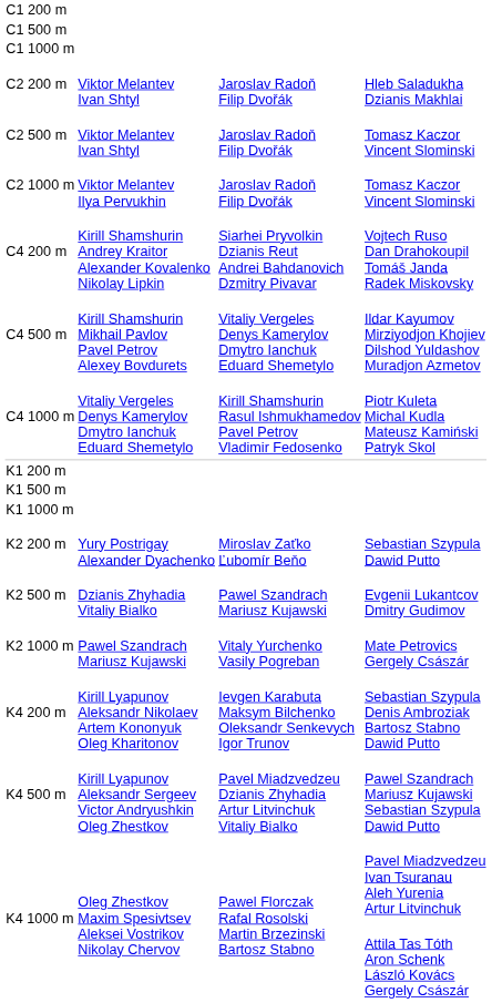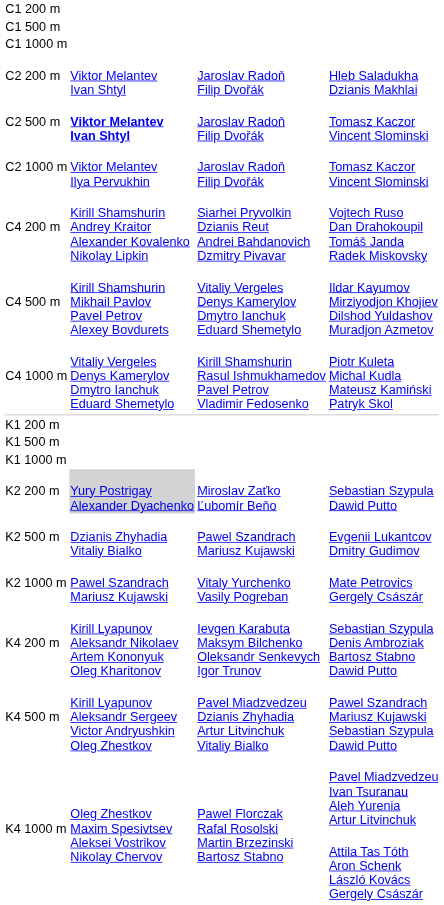 <table>
 <tr>
 <td>C1 200 m<br></td>
 <td></td>
 <td></td>
 <td></td>
 </tr>
 <tr>
 <td>C1 500 m<br></td>
 <td></td>
 <td></td>
 <td></td>
 </tr>
 <tr>
 <td>C1 1000 m<br></td>
 <td></td>
 <td></td>
 <td></td>
 </tr>
 <tr>
 <td>C2 200 m<br></td>
 <td><br><a href='#'>Viktor Melantev</a><br><a href='#'>Ivan Shtyl</a></td>
 <td><br><a href='#'>Jaroslav Radoň</a><br><a href='#'>Filip Dvořák</a></td>
 <td><br><a href='#'>Hleb Saladukha</a><br><a href='#'>Dzianis Makhlai</a></td>
 </tr>
 <tr>
 <td>C2 500 m<br></td>
-<td><br><a href='#'>Viktor Melantev</a><br><a href='#'>Ivan Shtyl</a></td>
+<td><strong><br><a href='#'>Viktor Melantev</a><br><a href='#'>Ivan Shtyl</a></strong></td>
 <td><br><a href='#'>Jaroslav Radoň</a><br><a href='#'>Filip Dvořák</a></td>
 <td><br><a href='#'>Tomasz Kaczor</a><br><a href='#'>Vincent Slominski</a></td>
 </tr>
 <tr>
 <td>C2 1000 m<br></td>
 <td><br><a href='#'>Viktor Melantev</a><br><a href='#'>Ilya Pervukhin</a></td>
 <td><br><a href='#'>Jaroslav Radoň</a><br><a href='#'>Filip Dvořák</a></td>
 <td><br><a href='#'>Tomasz Kaczor</a><br><a href='#'>Vincent Slominski</a></td>
 </tr>
 <tr>
 <td>C4 200 m<br></td>
 <td><br><a href='#'>Kirill Shamshurin</a><br><a href='#'>Andrey Kraitor</a><br><a href='#'>Alexander Kovalenko</a><br><a href='#'>Nikolay Lipkin</a></td>
 <td><br><a href='#'>Siarhei Pryvolkin</a><br><a href='#'>Dzianis Reut</a><br><a href='#'>Andrei Bahdanovich</a><br><a href='#'>Dzmitry Pivavar</a></td>
 <td><br><a href='#'>Vojtech Ruso</a><br><a href='#'>Dan Drahokoupil</a><br><a href='#'>Tomáš Janda</a><br><a href='#'>Radek Miskovsky</a></td>
 </tr>
 <tr>
 <td>C4 500 m<br></td>
 <td><br><a href='#'>Kirill Shamshurin</a><br><a href='#'>Mikhail Pavlov</a><br><a href='#'>Pavel Petrov</a><br><a href='#'>Alexey Bovdurets</a></td>
 <td><br><a href='#'>Vitaliy Vergeles</a><br><a href='#'>Denys Kamerylov</a><br><a href='#'>Dmytro Ianchuk</a><br><a href='#'>Eduard Shemetylo</a></td>
 <td><br><a href='#'>Ildar Kayumov</a><br><a href='#'>Mirziyodjon Khojiev</a><br><a href='#'>Dilshod Yuldashov</a><br><a href='#'>Muradjon Azmetov</a></td>
 </tr>
 <tr>
 <td>C4 1000 m<br></td>
 <td><br><a href='#'>Vitaliy Vergeles</a><br><a href='#'>Denys Kamerylov</a><br><a href='#'>Dmytro Ianchuk</a><br><a href='#'>Eduard Shemetylo</a></td>
 <td><br><a href='#'>Kirill Shamshurin</a><br><a href='#'>Rasul Ishmukhamedov</a><br><a href='#'>Pavel Petrov</a><br><a href='#'>Vladimir Fedosenko</a></td>
 <td><br><a href='#'>Piotr Kuleta</a><br><a href='#'>Michal Kudla</a><br><a href='#'>Mateusz Kamiński</a><br><a href='#'>Patryk Skol</a></td>
 </tr>
 <tr bgcolor=#DDDDDD>
 <td colspan=7></td>
 </tr>
 <tr>
 <td>K1 200 m<br></td>
 <td></td>
 <td></td>
 <td></td>
 </tr>
 <tr>
 <td>K1 500 m<br></td>
 <td></td>
 <td></td>
 <td></td>
 </tr>
 <tr>
 <td>K1 1000 m<br></td>
 <td></td>
 <td></td>
 <td></td>
 </tr>
 <tr>
 <td>K2 200 m<br></td>
-<td><br><a href='#'>Yury Postrigay</a><br><a href='#'>Alexander Dyachenko</a></td>
+<td style="background: lightgrey;"><br><a href='#'>Yury Postrigay</a><br><a href='#'>Alexander Dyachenko</a></td>
 <td><br><a href='#'>Miroslav Zaťko</a><br><a href='#'>Ľubomír Beňo</a></td>
 <td><br><a href='#'>Sebastian Szypula</a><br><a href='#'>Dawid Putto</a></td>
 </tr>
 <tr>
 <td>K2 500 m<br></td>
 <td><br><a href='#'>Dzianis Zhyhadia</a><br><a href='#'>Vitaliy Bialko</a></td>
 <td><br><a href='#'>Pawel Szandrach</a><br><a href='#'>Mariusz Kujawski</a></td>
 <td><br><a href='#'>Evgenii Lukantcov</a><br><a href='#'>Dmitry Gudimov</a></td>
 </tr>
 <tr>
 <td>K2 1000 m<br></td>
 <td><br><a href='#'>Pawel Szandrach</a><br><a href='#'>Mariusz Kujawski</a></td>
 <td><br><a href='#'>Vitaly Yurchenko</a><br><a href='#'>Vasily Pogreban</a></td>
 <td><br><a href='#'>Mate Petrovics</a><br><a href='#'>Gergely Császár</a></td>
 </tr>
 <tr>
 <td>K4 200 m<br></td>
 <td><br><a href='#'>Kirill Lyapunov</a><br><a href='#'>Aleksandr Nikolaev</a><br><a href='#'>Artem Kononyuk</a><br><a href='#'>Oleg Kharitonov</a></td>
 <td><br><a href='#'>Ievgen Karabuta</a><br><a href='#'>Maksym Bilchenko</a><br><a href='#'>Oleksandr Senkevych</a><br><a href='#'>Igor Trunov</a></td>
 <td><br><a href='#'>Sebastian Szypula</a><br><a href='#'>Denis Ambroziak</a><br><a href='#'>Bartosz Stabno</a><br><a href='#'>Dawid Putto</a></td>
 </tr>
 <tr>
 <td>K4 500 m<br></td>
 <td><br><a href='#'>Kirill Lyapunov</a><br><a href='#'>Aleksandr Sergeev</a><br><a href='#'>Victor Andryushkin</a><br><a href='#'>Oleg Zhestkov</a></td>
 <td><br><a href='#'>Pavel Miadzvedzeu</a><br><a href='#'>Dzianis Zhyhadia</a><br><a href='#'>Artur Litvinchuk</a><br><a href='#'>Vitaliy Bialko</a></td>
 <td><br><a href='#'>Pawel Szandrach</a><br><a href='#'>Mariusz Kujawski</a><br><a href='#'>Sebastian Szypula</a><br><a href='#'>Dawid Putto</a></td>
 </tr>
 <tr>
 <td rowspan="2">K4 1000 m<br></td>
 <td rowspan="2"><br><a href='#'>Oleg Zhestkov</a><br><a href='#'>Maxim Spesivtsev</a><br><a href='#'>Aleksei Vostrikov</a><br><a href='#'>Nikolay Chervov</a></td>
 <td rowspan="2"><br><a href='#'>Pawel Florczak</a><br><a href='#'>Rafal Rosolski</a><br><a href='#'>Martin Brzezinski</a><br><a href='#'>Bartosz Stabno</a></td>
 <td><br><a href='#'>Pavel Miadzvedzeu</a><br><a href='#'>Ivan Tsuranau</a><br><a href='#'>Aleh Yurenia</a><br><a href='#'>Artur Litvinchuk</a></td>
 </tr>
 <tr>
 <td><br><a href='#'>Attila Tas Tóth</a><br><a href='#'>Aron Schenk</a><br><a href='#'>László Kovács</a><br><a href='#'>Gergely Császár</a></td>
 </tr>
 </table>
